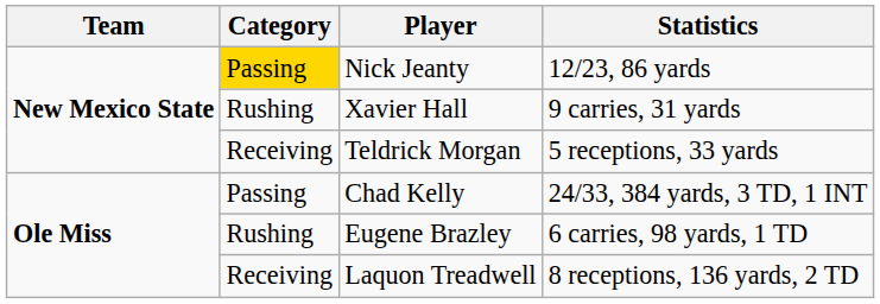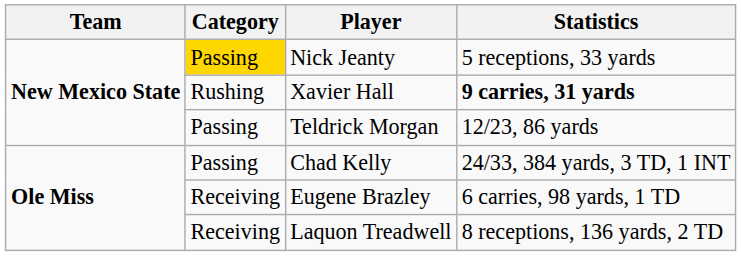 <table class="wikitable" style="float: right;">
 <tr>
 <th>Team</th>
 <th>Category</th>
 <th>Player</th>
 <th>Statistics</th>
 </tr>
 <tr>
 <td rowspan=3><strong>New Mexico State</strong></td>
 <td style="background: gold;">Passing</td>
 <td>Nick Jeanty</td>
-<td>12/23, 86 yards</td>
+<td>5 receptions, 33 yards</td>
 </tr>
 <tr>
 <td>Rushing</td>
 <td>Xavier Hall</td>
-<td>9 carries, 31 yards</td>
+<td><strong>9 carries, 31 yards</strong></td>
 </tr>
 <tr>
-<td>Receiving</td>
+<td>Passing</td>
 <td>Teldrick Morgan</td>
-<td>5 receptions, 33 yards</td>
+<td>12/23, 86 yards</td>
 </tr>
 <tr>
 <td rowspan=3><strong>Ole Miss</strong></td>
 <td>Passing</td>
 <td>Chad Kelly</td>
 <td>24/33, 384 yards, 3 TD, 1 INT</td>
 </tr>
 <tr>
-<td>Rushing</td>
+<td>Receiving</td>
 <td>Eugene Brazley</td>
 <td>6 carries, 98 yards, 1 TD</td>
 </tr>
 <tr>
 <td>Receiving</td>
 <td>Laquon Treadwell</td>
 <td>8 receptions, 136 yards, 2 TD</td>
 </tr>
 </table>
